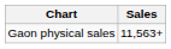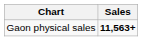 <table class="wikitable">
 <tr>
 <th>Chart</th>
 <th>Sales</th>
 </tr>
 <tr>
 <td>Gaon physical sales</td>
-<td align="center">11,563+</td>
+<td align="center"><strong>11,563+</strong></td>
 </tr>
 </table>
